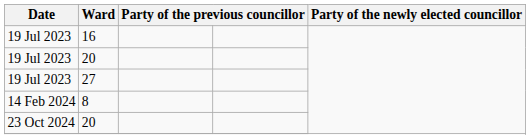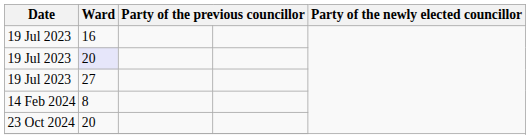 <table class="wikitable">
 <tr>
 <th>Date</th>
 <th>Ward</th>
 <th colspan=2>Party of the previous councillor</th>
 <th colspan=2>Party of the newly elected councillor</th>
 </tr>
 <tr>
 <td>19 Jul 2023</td>
 <td>16</td>
 <td></td>
 <td></td>
 </tr>
 <tr>
 <td>19 Jul 2023</td>
-<td>20</td>
+<td style="background: lavender;">20</td>
 <td></td>
 <td></td>
 </tr>
 <tr>
 <td>19 Jul 2023</td>
 <td>27</td>
 <td></td>
 <td></td>
 </tr>
 <tr>
 <td>14 Feb 2024</td>
 <td>8</td>
 <td></td>
 <td></td>
 </tr>
 <tr>
 <td>23 Oct 2024</td>
 <td>20</td>
 <td></td>
 <td></td>
 </tr>
 <tr>
 </tr>
 </table>
